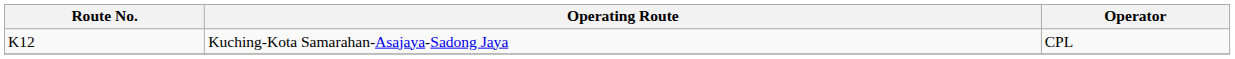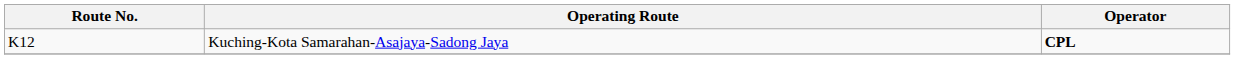 <table class="wikitable"  style="width:100%; margin:auto;">
 <tr>
 <th>Route No.</th>
 <th>Operating Route</th>
 <th>Operator</th>
 </tr>
 <tr>
 <td>K12</td>
 <td>Kuching-Kota Samarahan-<a href='#'>Asajaya</a>-<a href='#'>Sadong Jaya</a></td>
-<td>CPL</td>
+<td><strong>CPL</strong></td>
 </tr>
 <tr>
 </tr>
 </table>
